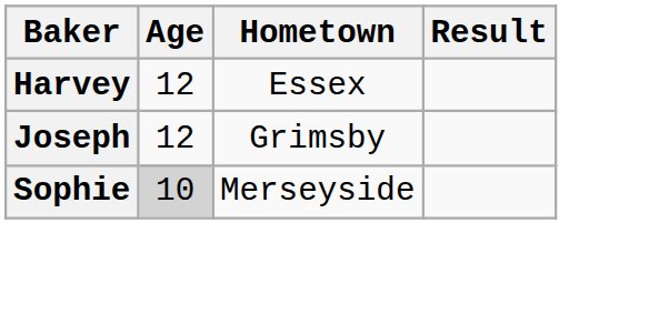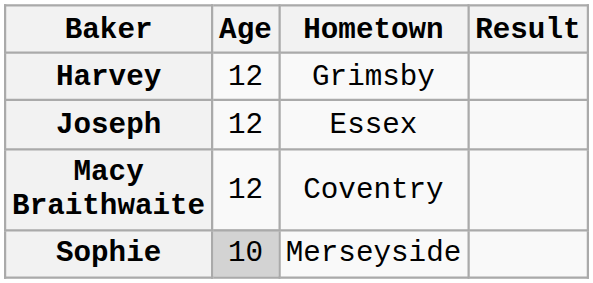 <table class="wikitable sortable" style="display:inline-table; text-align:center">
 <tr>
 <th scope="col">Baker</th>
 <th scope="col">Age</th>
 <th scope="col">Hometown</th>
 <th scope="col">Result</th>
 </tr>
 <tr>
 <th scope="row">Harvey</th>
 <td>12</td>
-<td>Essex</td>
+<td>Grimsby</td>
 <td></td>
 </tr>
 <tr>
 <th scope="row">Joseph</th>
 <td>12</td>
-<td>Grimsby</td>
+<td>Essex</td>
+<td></td>
+</tr>
+<tr>
+<th scope="row">Macy<br>Braithwaite</th>
+<td>12</td>
+<td>Coventry</td>
 <td></td>
 </tr>
 <tr>
 <th scope="row">Sophie</th>
 <td style="background: lightgrey;">10</td>
 <td>Merseyside</td>
 <td></td>
 </tr>
 </table>
